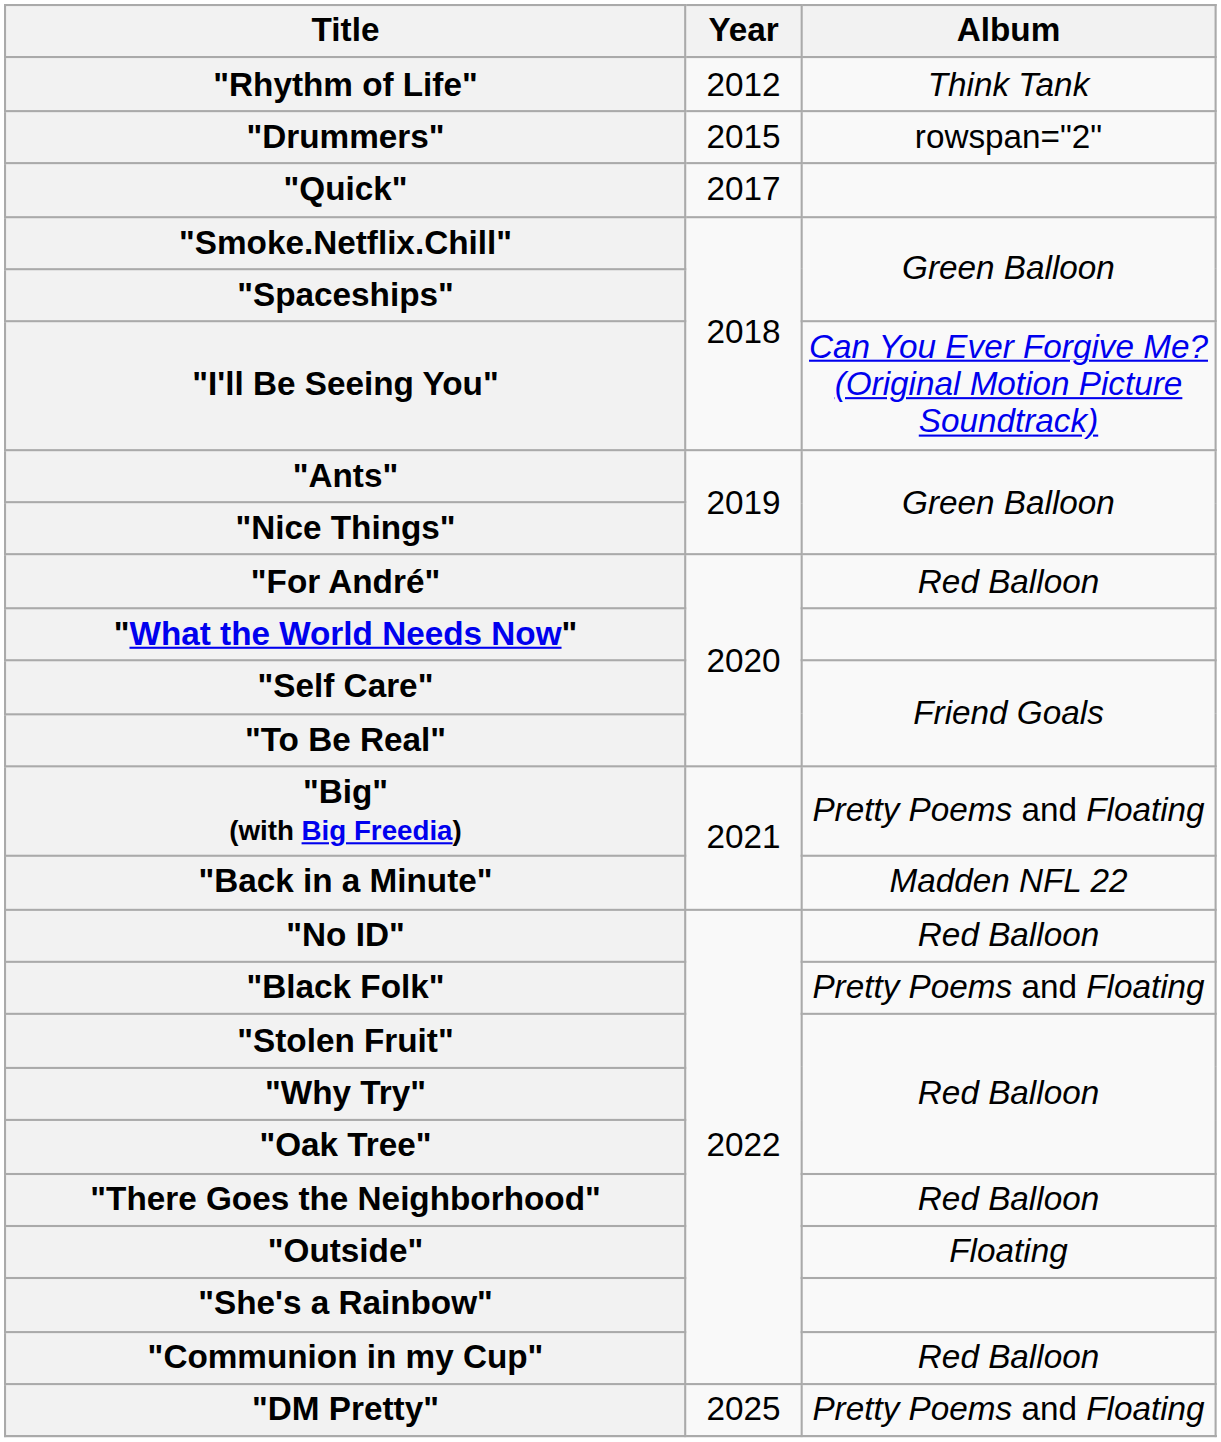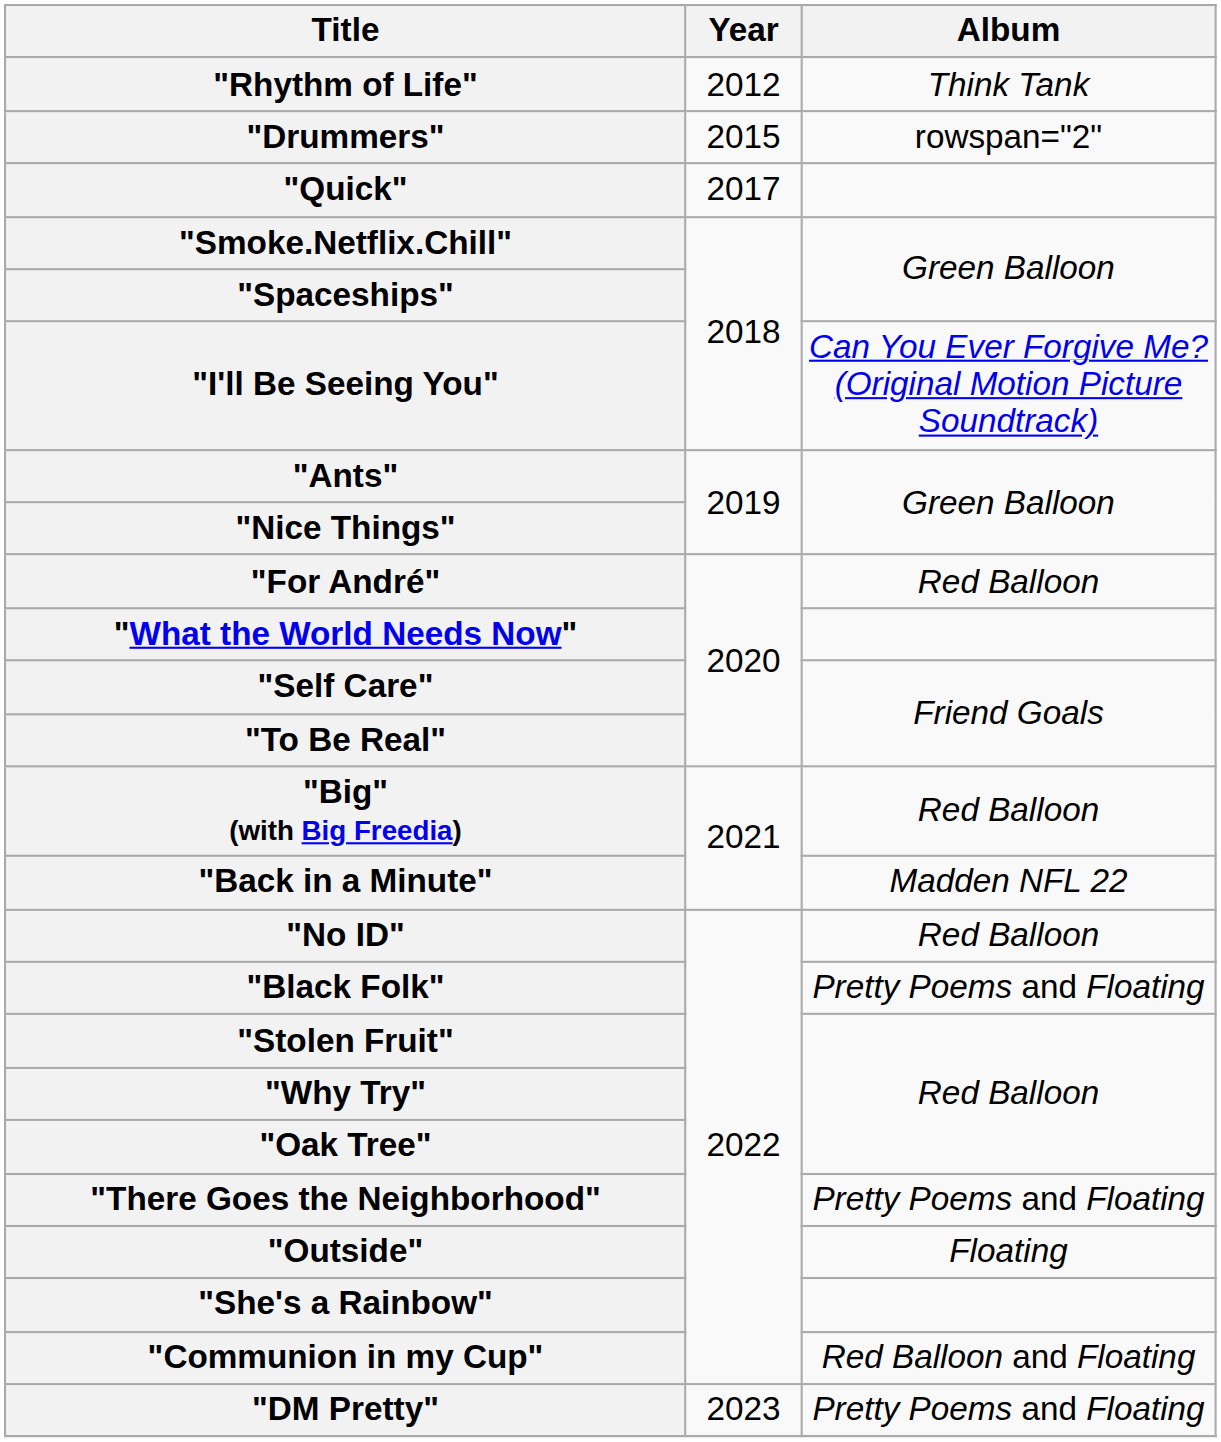 <table class="wikitable plainrowheaders" style="text-align:center;" border="1">
 <tr>
 <th scope="col"  style="width:20em;">Title</th>
 <th scope="col"  style="width:3em;">Year</th>
 <th scope="col"  style="width:12em;">Album</th>
 </tr>
 <tr>
 <th scope="row">"Rhythm of Life"</th>
 <td>2012</td>
 <td><em>Think Tank</em></td>
 </tr>
 <tr>
 <th scope="row">"Drummers"</th>
 <td>2015</td>
 <td>rowspan="2" </td>
 </tr>
 <tr>
 <th scope="row">"Quick"</th>
 <td>2017</td>
 </tr>
 <tr>
 <th scope="row">"Smoke.Netflix.Chill"</th>
 <td rowspan="3">2018</td>
 <td rowspan="2"><em>Green Balloon</em></td>
 </tr>
 <tr>
 <th scope="row">"Spaceships"</th>
 </tr>
 <tr>
 <th scope="row">"I'll Be Seeing You"</th>
 <td><em><a href='#'>Can You Ever Forgive Me? (Original Motion Picture Soundtrack)</a></em></td>
 </tr>
 <tr>
 <th scope="row">"Ants"</th>
 <td rowspan="2">2019</td>
 <td rowspan="2"><em>Green Balloon</em></td>
 </tr>
 <tr>
 <th scope="row">"Nice Things"</th>
 </tr>
 <tr>
 <th scope="row">"For André"</th>
 <td rowspan="4">2020</td>
 <td rowspan="1"><em>Red Balloon</em></td>
 </tr>
 <tr>
 <th scope="row">"<a href='#'>What the World Needs Now</a>"<br></th>
 </tr>
 <tr>
 <th scope="row">"Self Care"<br></th>
 <td rowspan="2"><em>Friend Goals</em></td>
 </tr>
 <tr>
 <th scope="row">"To Be Real"<br></th>
 </tr>
 <tr>
 <th scope="row">"Big"<br><small>(with <a href='#'>Big Freedia</a>)</small></th>
 <td rowspan="2">2021</td>
-<td><em>Pretty Poems</em> and <em>Floating</em></td>
+<td rowspan="1"><em>Red Balloon</em></td>
 </tr>
 <tr>
 <th scope="row">"Back in a Minute"</th>
 <td rowspan="1"><em>Madden NFL 22</em></td>
 </tr>
 <tr>
 <th scope="row">"No ID"</th>
 <td rowspan="9">2022</td>
 <td rowspan="1"><em>Red Balloon</em></td>
 </tr>
 <tr>
 <th scope="row">"Black Folk"<br></th>
 <td><em>Pretty Poems</em> and <em>Floating</em></td>
 </tr>
 <tr>
 <th scope="row">"Stolen Fruit"</th>
 <td rowspan="3"><em>Red Balloon</em></td>
 </tr>
 <tr>
 <th scope="row">"Why Try"</th>
 </tr>
 <tr>
 <th scope="row">"Oak Tree"</th>
 </tr>
 <tr>
 <th scope="row">"There Goes the Neighborhood"</th>
-<td rowspan="1"><em>Red Balloon</em></td>
+<td><em>Pretty Poems</em> and <em>Floating</em></td>
 </tr>
 <tr>
 <th scope="row">"Outside"</th>
 <td><em>Floating</em></td>
 </tr>
 <tr>
 <th scope="row">"She's a Rainbow"<br></th>
 <td></td>
 </tr>
 <tr>
 <th scope="row">"Communion in my Cup"<br></th>
-<td rowspan="1"><em>Red Balloon</em></td>
+<td><em>Red Balloon</em> and <em>Floating</em></td>
 </tr>
 <tr>
 <th scope="row">"DM Pretty"<br></th>
-<td>2025</td>
+<td>2023</td>
 <td><em>Pretty Poems</em> and <em>Floating</em></td>
 </tr>
 <tr>
 </tr>
 </table>
